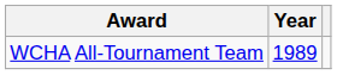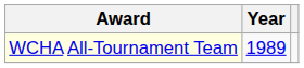 <table class="wikitable">
 <tr>
 <th>Award</th>
 <th>Year</th>
 <th></th>
 </tr>
 <tr>
-<td><a href='#'>WCHA</a> <a href='#'>All-Tournament Team</a></td>
+<td style="background: lightyellow;"><a href='#'>WCHA</a> <a href='#'>All-Tournament Team</a></td>
 <td><a href='#'>1989</a></td>
 <td></td>
 </tr>
 <tr>
 </tr>
 </table>
